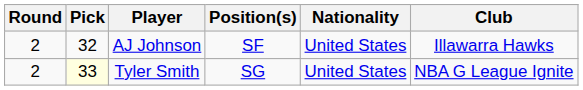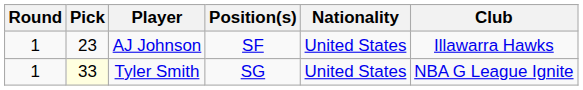 <table class="wikitable sortable sortable">
 <tr>
 <th>Round</th>
 <th>Pick</th>
 <th>Player</th>
 <th>Position(s)</th>
 <th>Nationality</th>
 <th>Club</th>
 </tr>
 <tr style="text-align: center">
-<td>2</td>
-<td>32</td>
+<td>1</td>
+<td>23</td>
 <td><a href='#'>AJ Johnson</a></td>
 <td><a href='#'>SF</a></td>
 <td> <a href='#'>United States</a></td>
 <td><a href='#'>Illawarra Hawks</a> </td>
 </tr>
 <tr style="text-align: center">
-<td>2</td>
+<td>1</td>
 <td style="background: lightyellow;">33</td>
 <td><a href='#'>Tyler Smith</a></td>
 <td><a href='#'>SG</a></td>
 <td> <a href='#'>United States</a></td>
 <td><a href='#'>NBA G League Ignite</a></td>
 </tr>
 </table>
